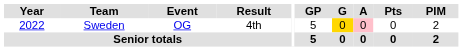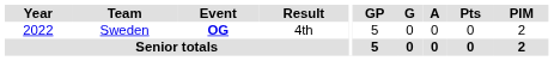 <table border="0" cellpadding="1" cellspacing="0" ID="Table3" style="text-align:center; width:40em">
 <tr ALIGN="center" bgcolor="#e0e0e0">
 <th>Year</th>
 <th>Team</th>
 <th>Event</th>
 <th>Result</th>
 <th rowspan="99" bgcolor="#ffffff"></th>
 <th>GP</th>
 <th>G</th>
 <th>A</th>
 <th>Pts</th>
 <th>PIM</th>
 </tr>
 <tr>
 <td><a href='#'>2022</a></td>
 <td><a href='#'>Sweden</a></td>
-<td><a href='#'>OG</a></td>
+<td><strong><a href='#'>OG</a></strong></td>
 <td>4th</td>
 <td>5</td>
-<td style="background: gold;">0</td>
-<td style="background: pink;">0</td>
+<td>0</td>
+<td>0</td>
 <td>0</td>
 <td>2</td>
 </tr>
 <tr bgcolor="#e0e0e0">
 <th colspan="4">Senior totals</th>
 <th>5</th>
 <th>0</th>
 <th>0</th>
 <th>0</th>
 <th>2</th>
 </tr>
 </table>
